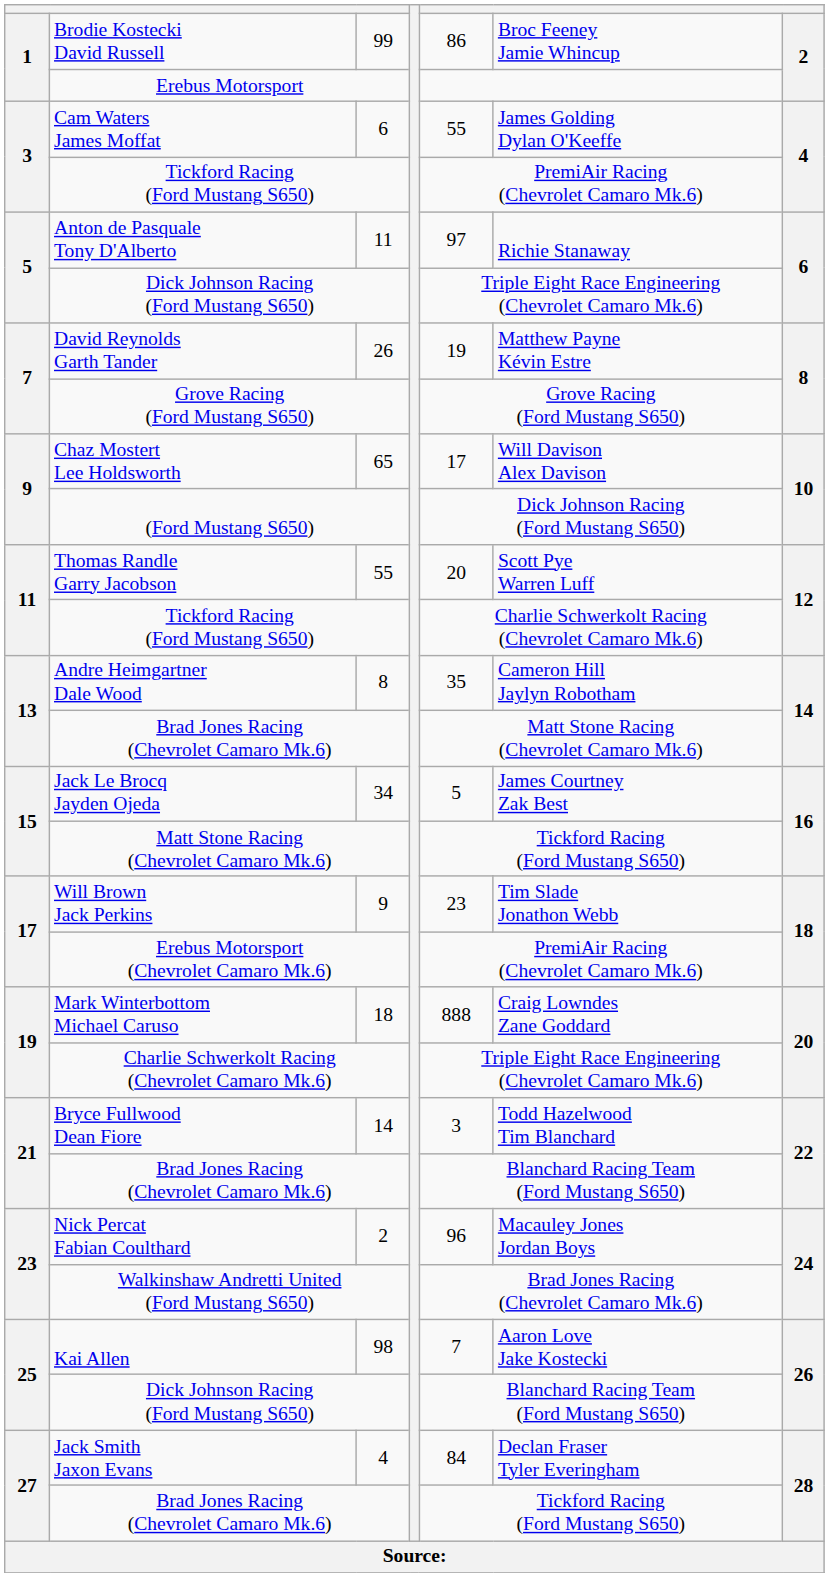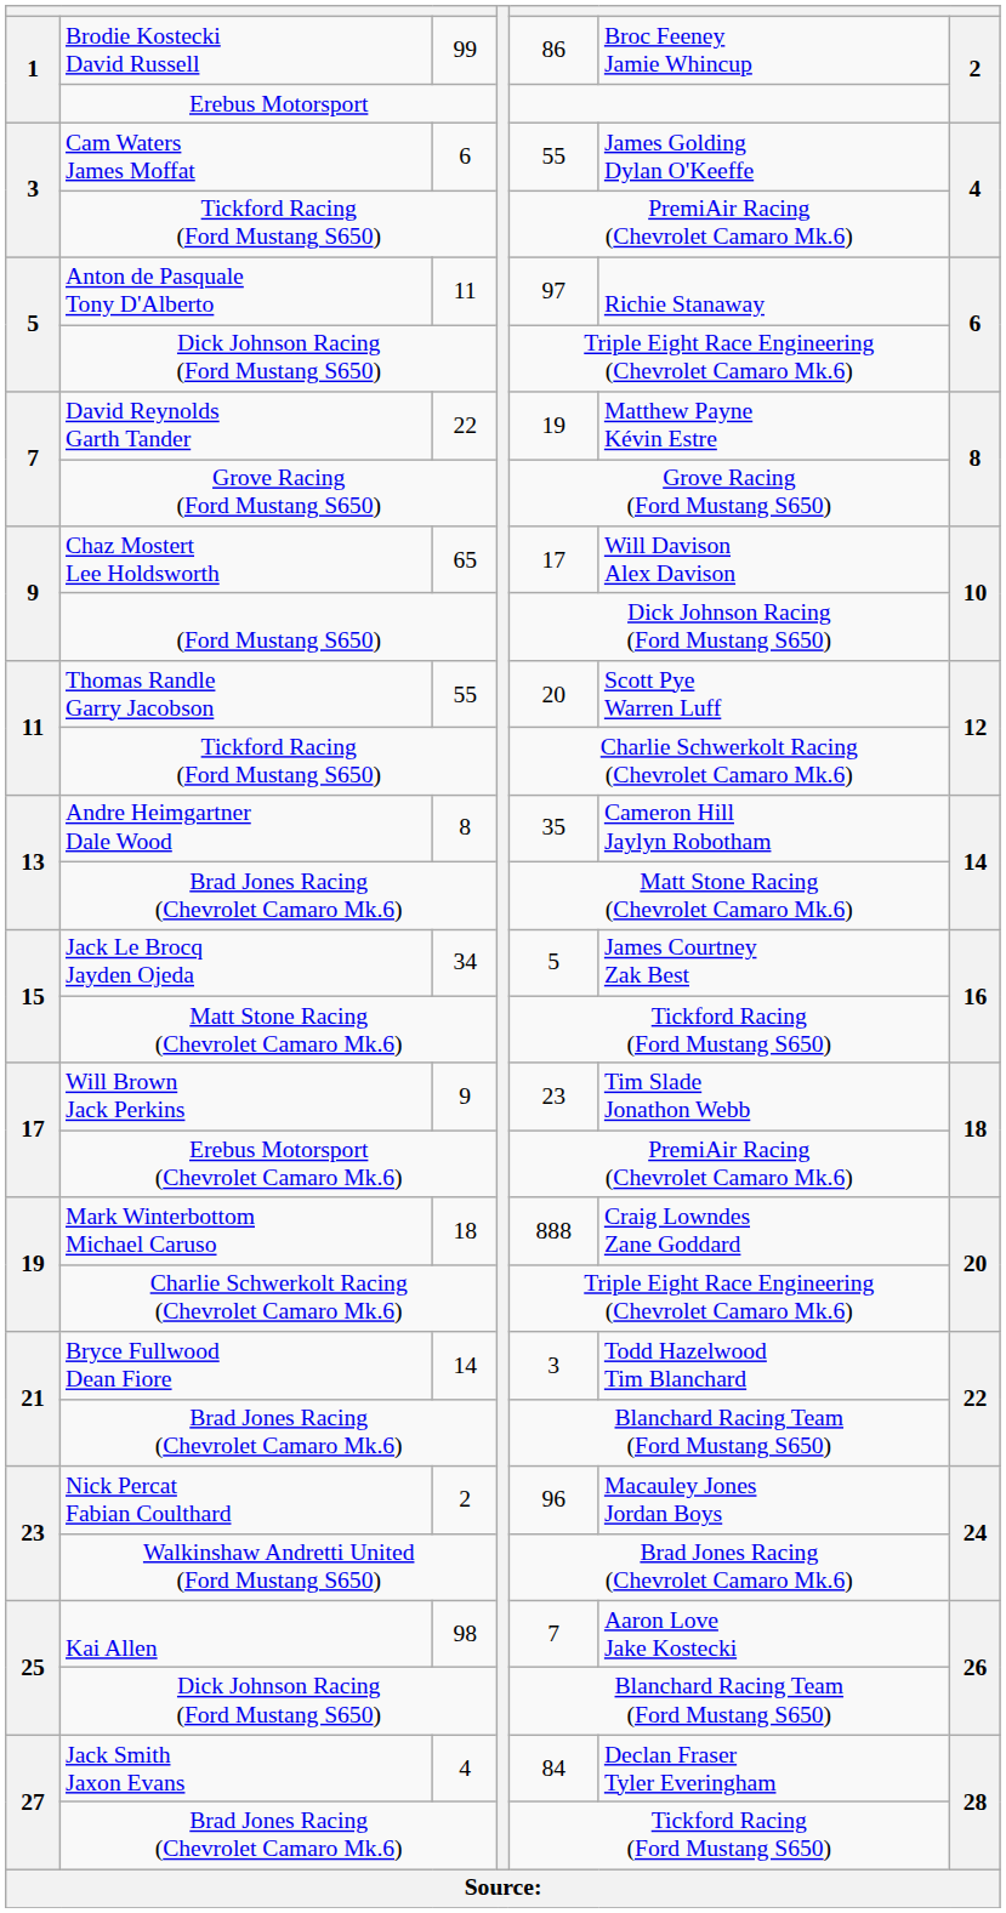 <table class="wikitable" style="font-size: 85%;">
 <tr>
 <th colspan="3" width="275px"></th>
 <th rowspan="29"></th>
 <th colspan="3" width="275px"></th>
 </tr>
 <tr>
 <th rowspan="2">1</th>
 <td align="left"> <a href='#'>Brodie Kostecki</a><br> <a href='#'>David Russell</a></td>
 <td align="center">99</td>
 <td align="center">86</td>
 <td align="left"> <a href='#'>Broc Feeney</a><br> <a href='#'>Jamie Whincup</a></td>
 <th rowspan="2">2</th>
 </tr>
 <tr>
 <td colspan="2" align="center"><a href='#'>Erebus Motorsport</a><br></td>
 <td colspan="2" align="center"><br></td>
 </tr>
 <tr>
 <th rowspan="2">3</th>
 <td align="left"> <a href='#'>Cam Waters</a><br> <a href='#'>James Moffat</a></td>
 <td align="center">6</td>
 <td align="center">55</td>
 <td align="left"> <a href='#'>James Golding</a><br> <a href='#'>Dylan O'Keeffe</a></td>
 <th rowspan="2">4</th>
 </tr>
 <tr>
 <td colspan="2" align="center"><a href='#'>Tickford Racing</a><br>(<a href='#'>Ford Mustang S650</a>)</td>
 <td colspan="2" align="center"><a href='#'>PremiAir Racing</a><br>(<a href='#'>Chevrolet Camaro Mk.6</a>)</td>
 </tr>
 <tr>
 <th rowspan="2">5</th>
 <td align="left"> <a href='#'>Anton de Pasquale</a><br> <a href='#'>Tony D'Alberto</a></td>
 <td align="center">11</td>
 <td align="center">97</td>
 <td align="left"><br> <a href='#'>Richie Stanaway</a></td>
 <th rowspan="2">6</th>
 </tr>
 <tr>
 <td colspan="2" align="center"><a href='#'>Dick Johnson Racing</a><br>(<a href='#'>Ford Mustang S650</a>)</td>
 <td colspan="2" align="center"><a href='#'>Triple Eight Race Engineering</a><br>(<a href='#'>Chevrolet Camaro Mk.6</a>)</td>
 </tr>
 <tr>
 <th rowspan="2">7</th>
 <td align="left"> <a href='#'>David Reynolds</a><br> <a href='#'>Garth Tander</a></td>
-<td align="center">26</td>
+<td align="center">22</td>
 <td align="center">19</td>
 <td align="left"> <a href='#'>Matthew Payne</a><br> <a href='#'>Kévin Estre</a></td>
 <th rowspan="2">8</th>
 </tr>
 <tr>
 <td colspan="2" align="center"><a href='#'>Grove Racing</a><br>(<a href='#'>Ford Mustang S650</a>)</td>
 <td colspan="2" align="center"><a href='#'>Grove Racing</a><br>(<a href='#'>Ford Mustang S650</a>)</td>
 </tr>
 <tr>
 <th rowspan="2">9</th>
 <td align="left"> <a href='#'>Chaz Mostert</a><br> <a href='#'>Lee Holdsworth</a></td>
 <td align="center">65</td>
 <td align="center">17</td>
 <td align="left"> <a href='#'>Will Davison</a><br> <a href='#'>Alex Davison</a></td>
 <th rowspan="2">10</th>
 </tr>
 <tr>
 <td colspan="2" align="center"><br>(<a href='#'>Ford Mustang S650</a>)</td>
 <td colspan="2" align="center"><a href='#'>Dick Johnson Racing</a><br>(<a href='#'>Ford Mustang S650</a>)</td>
 </tr>
 <tr>
 <th rowspan="2">11</th>
 <td align="left"> <a href='#'>Thomas Randle</a><br> <a href='#'>Garry Jacobson</a></td>
 <td align="center">55</td>
 <td align="center">20</td>
 <td align="left"> <a href='#'>Scott Pye</a><br> <a href='#'>Warren Luff</a></td>
 <th rowspan="2">12</th>
 </tr>
 <tr>
 <td colspan="2" align="center"><a href='#'>Tickford Racing</a><br>(<a href='#'>Ford Mustang S650</a>)</td>
 <td colspan="2" align="center"><a href='#'>Charlie Schwerkolt Racing</a><br>(<a href='#'>Chevrolet Camaro Mk.6</a>)</td>
 </tr>
 <tr>
 <th rowspan="2">13</th>
 <td align="left"> <a href='#'>Andre Heimgartner</a><br> <a href='#'>Dale Wood</a></td>
 <td align="center">8</td>
 <td align="center">35</td>
 <td align="left"> <a href='#'>Cameron Hill</a><br> <a href='#'>Jaylyn Robotham</a></td>
 <th rowspan="2">14</th>
 </tr>
 <tr>
 <td colspan="2" align="center"><a href='#'>Brad Jones Racing</a><br>(<a href='#'>Chevrolet Camaro Mk.6</a>)</td>
 <td colspan="2" align="center"><a href='#'>Matt Stone Racing</a><br>(<a href='#'>Chevrolet Camaro Mk.6</a>)</td>
 </tr>
 <tr>
 <th rowspan="2">15</th>
 <td align="left"> <a href='#'>Jack Le Brocq</a><br> <a href='#'>Jayden Ojeda</a></td>
 <td align="center">34</td>
 <td align="center">5</td>
 <td align="left"> <a href='#'>James Courtney</a><br> <a href='#'>Zak Best</a></td>
 <th rowspan="2">16</th>
 </tr>
 <tr>
 <td colspan="2" align="center"><a href='#'>Matt Stone Racing</a><br>(<a href='#'>Chevrolet Camaro Mk.6</a>)</td>
 <td colspan="2" align="center"><a href='#'>Tickford Racing</a><br>(<a href='#'>Ford Mustang S650</a>)</td>
 </tr>
 <tr>
 <th rowspan="2">17</th>
 <td align="left"> <a href='#'>Will Brown</a><br> <a href='#'>Jack Perkins</a></td>
 <td align="center">9</td>
 <td align="center">23</td>
 <td align="left"> <a href='#'>Tim Slade</a><br> <a href='#'>Jonathon Webb</a></td>
 <th rowspan="2">18</th>
 </tr>
 <tr>
 <td colspan="2" align="center"><a href='#'>Erebus Motorsport</a><br>(<a href='#'>Chevrolet Camaro Mk.6</a>)</td>
 <td colspan="2" align="center"><a href='#'>PremiAir Racing</a><br>(<a href='#'>Chevrolet Camaro Mk.6</a>)</td>
 </tr>
 <tr>
 <th rowspan="2">19</th>
 <td align="left"> <a href='#'>Mark Winterbottom</a><br> <a href='#'>Michael Caruso</a></td>
 <td align="center">18</td>
 <td align="center">888</td>
 <td align="left"> <a href='#'>Craig Lowndes</a><br> <a href='#'>Zane Goddard</a></td>
 <th rowspan="2">20</th>
 </tr>
 <tr>
 <td colspan="2" align="center"><a href='#'>Charlie Schwerkolt Racing</a><br>(<a href='#'>Chevrolet Camaro Mk.6</a>)</td>
 <td colspan="2" align="center"><a href='#'>Triple Eight Race Engineering</a><br>(<a href='#'>Chevrolet Camaro Mk.6</a>)</td>
 </tr>
 <tr>
 <th rowspan="2">21</th>
 <td align="left"> <a href='#'>Bryce Fullwood</a><br> <a href='#'>Dean Fiore</a></td>
 <td align="center">14</td>
 <td align="center">3</td>
 <td align="left"> <a href='#'>Todd Hazelwood</a><br> <a href='#'>Tim Blanchard</a></td>
 <th rowspan="2">22</th>
 </tr>
 <tr>
 <td colspan="2" align="center"><a href='#'>Brad Jones Racing</a><br>(<a href='#'>Chevrolet Camaro Mk.6</a>)</td>
 <td colspan="2" align="center"><a href='#'>Blanchard Racing Team</a><br>(<a href='#'>Ford Mustang S650</a>)</td>
 </tr>
 <tr>
 <th rowspan="2">23</th>
 <td align="left"> <a href='#'>Nick Percat</a><br> <a href='#'>Fabian Coulthard</a></td>
 <td align="center">2</td>
 <td align="center">96</td>
 <td align="left"> <a href='#'>Macauley Jones</a><br> <a href='#'>Jordan Boys</a></td>
 <th rowspan="2">24</th>
 </tr>
 <tr>
 <td colspan="2" align="center"><a href='#'>Walkinshaw Andretti United</a><br>(<a href='#'>Ford Mustang S650</a>)</td>
 <td colspan="2" align="center"><a href='#'>Brad Jones Racing</a><br>(<a href='#'>Chevrolet Camaro Mk.6</a>)</td>
 </tr>
 <tr>
 <th rowspan="2">25</th>
 <td align="left"><br> <a href='#'>Kai Allen</a></td>
 <td align="center">98</td>
 <td align="center">7</td>
 <td align="left"> <a href='#'>Aaron Love</a><br> <a href='#'>Jake Kostecki</a></td>
 <th rowspan="2">26</th>
 </tr>
 <tr>
 <td colspan="2" align="center"><a href='#'>Dick Johnson Racing</a><br>(<a href='#'>Ford Mustang S650</a>)</td>
 <td colspan="2" align="center"><a href='#'>Blanchard Racing Team</a><br>(<a href='#'>Ford Mustang S650</a>)</td>
 </tr>
 <tr>
 <th rowspan="2">27</th>
 <td align="left"> <a href='#'>Jack Smith</a><br> <a href='#'>Jaxon Evans</a></td>
 <td align="center">4</td>
 <td align="center">84</td>
 <td align="left"> <a href='#'>Declan Fraser</a><br> <a href='#'>Tyler Everingham</a></td>
 <th rowspan="2">28</th>
 </tr>
 <tr>
 <td colspan="2" align="center"><a href='#'>Brad Jones Racing</a><br>(<a href='#'>Chevrolet Camaro Mk.6</a>)</td>
 <td colspan="2" align="center"><a href='#'>Tickford Racing</a><br>(<a href='#'>Ford Mustang S650</a>)</td>
 </tr>
 <tr>
 <th colspan="7">Source:</th>
 </tr>
 </table>
